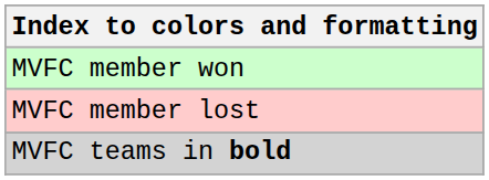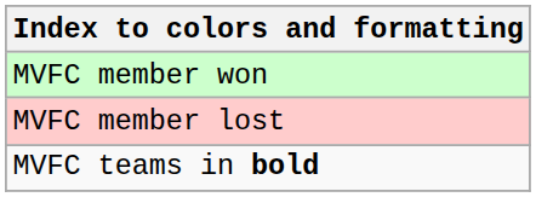 <table class="wikitable">
 <tr>
 <th>Index to colors and formatting</th>
 </tr>
 <tr style="background:#cfc;">
 <td>MVFC member won</td>
 </tr>
 <tr style="background:#fcc;">
 <td>MVFC member lost</td>
 </tr>
 <tr>
-<td style="background: lightgrey;">MVFC teams in <strong>bold</strong></td>
+<td>MVFC teams in <strong>bold</strong></td>
 </tr>
 </table>
